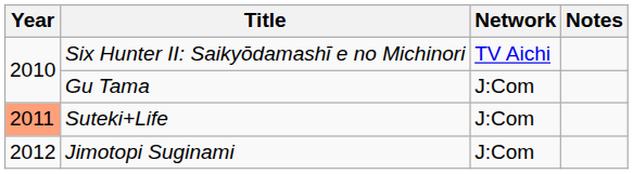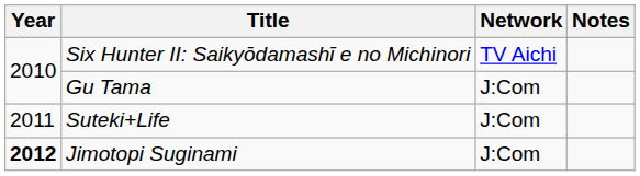 <table class="wikitable">
 <tr>
 <th>Year</th>
 <th>Title</th>
 <th>Network</th>
 <th>Notes</th>
 </tr>
 <tr>
 <td rowspan="2">2010</td>
 <td><em>Six Hunter II: Saikyōdamashī e no Michinori</em></td>
 <td><a href='#'>TV Aichi</a></td>
 <td></td>
 </tr>
 <tr>
 <td><em>Gu Tama</em></td>
 <td>J:Com</td>
 <td></td>
 </tr>
 <tr>
-<td style="background: lightsalmon;">2011</td>
+<td>2011</td>
 <td><em>Suteki+Life</em></td>
 <td>J:Com</td>
 <td></td>
 </tr>
 <tr>
-<td>2012</td>
+<td><strong>2012</strong></td>
 <td><em>Jimotopi Suginami</em></td>
 <td>J:Com</td>
 <td></td>
 </tr>
 </table>
